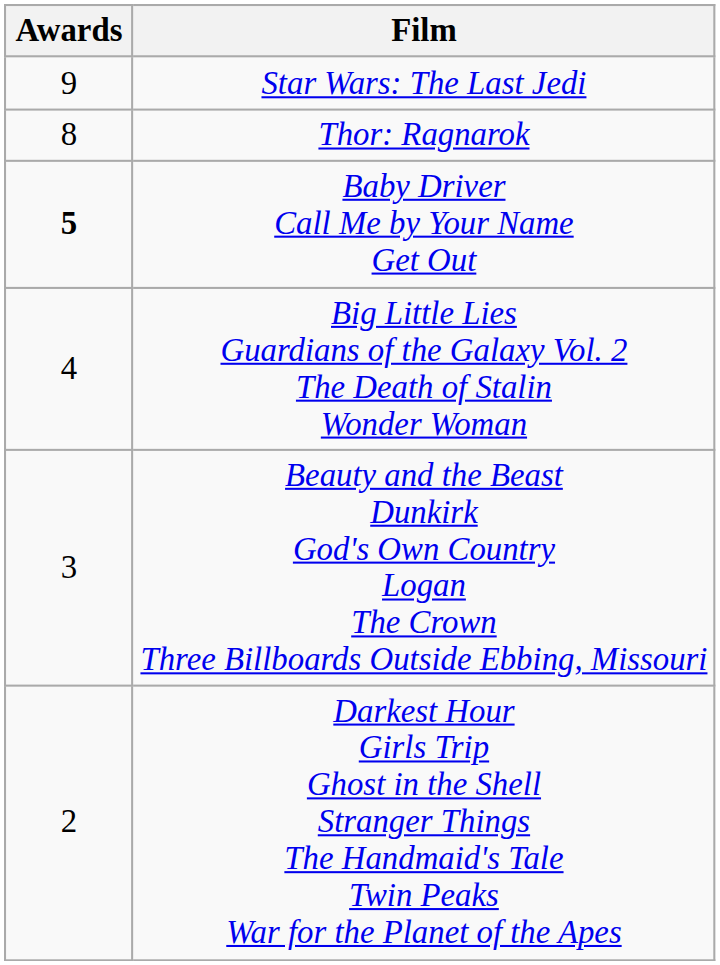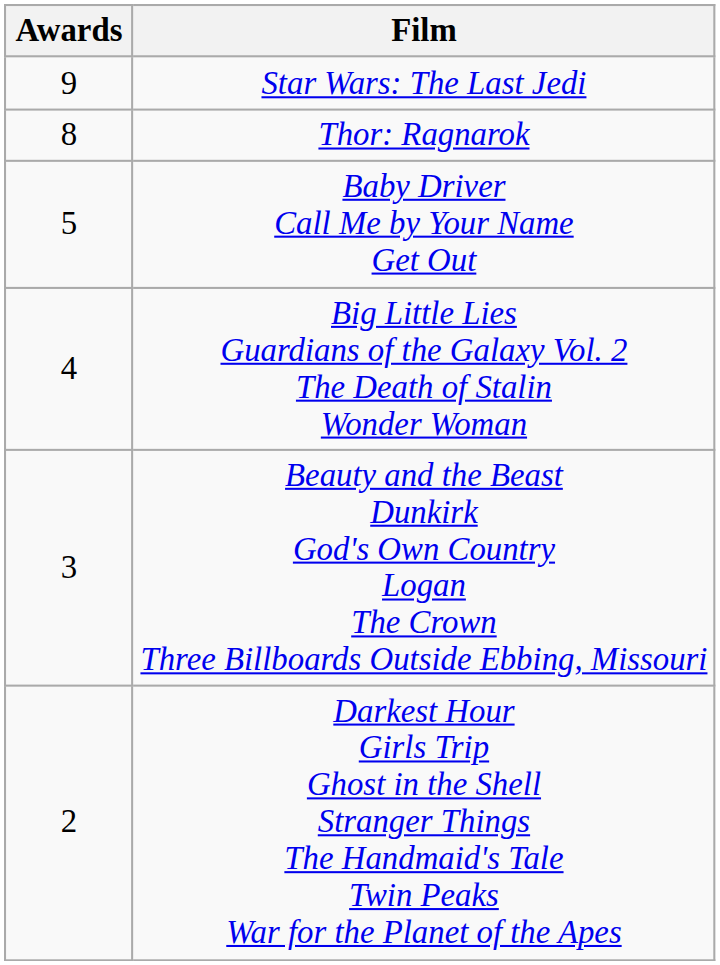 <table class="wikitable" style="text-align:center;">
 <tr>
 <th scope="col" width="55">Awards</th>
 <th scope="col">Film</th>
 </tr>
 <tr>
 <td>9</td>
 <td><em><a href='#'>Star Wars: The Last Jedi</a></em></td>
 </tr>
 <tr>
 <td>8</td>
 <td><em><a href='#'>Thor: Ragnarok</a></em></td>
 </tr>
 <tr>
-<td><strong>5</strong></td>
+<td>5</td>
 <td><em><a href='#'>Baby Driver</a></em> <br> <em><a href='#'>Call Me by Your Name</a></em><br> <em><a href='#'>Get Out</a></em></td>
 </tr>
 <tr>
 <td>4</td>
 <td><em><a href='#'>Big Little Lies</a></em> <br> <em><a href='#'>Guardians of the Galaxy Vol. 2</a></em><br> <em><a href='#'>The Death of Stalin</a></em> <br> <em><a href='#'>Wonder Woman</a></em></td>
 </tr>
 <tr>
 <td>3</td>
 <td><em><a href='#'>Beauty and the Beast</a></em> <br> <em><a href='#'>Dunkirk</a></em> <br> <em><a href='#'>God's Own Country</a></em> <br> <em><a href='#'>Logan</a></em> <br> <em><a href='#'>The Crown</a></em><br> <em><a href='#'>Three Billboards Outside Ebbing, Missouri</a></em></td>
 </tr>
 <tr>
 <td>2</td>
 <td><em><a href='#'>Darkest Hour</a></em> <br> <em><a href='#'>Girls Trip</a></em> <br> <em><a href='#'>Ghost in the Shell</a></em> <br> <em><a href='#'>Stranger Things</a></em> <br> <em><a href='#'>The Handmaid's Tale</a></em> <br> <em><a href='#'>Twin Peaks</a></em> <br> <em><a href='#'>War for the Planet of the Apes</a></em></td>
 </tr>
 </table>
